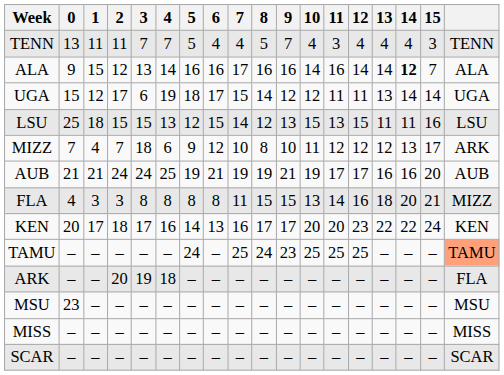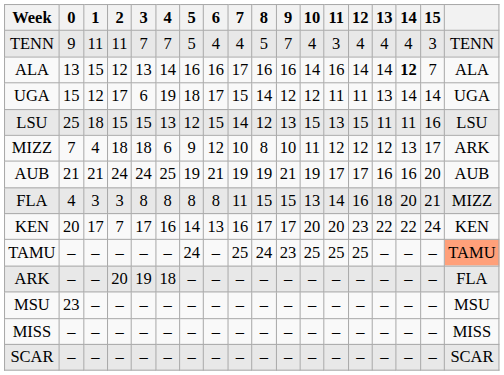 <table class="wikitable sortable" style="text-align:center">
 <tr>
 <th>Week</th>
 <th>0</th>
 <th>1</th>
 <th>2</th>
 <th>3</th>
 <th>4</th>
 <th>5</th>
 <th>6</th>
 <th>7</th>
 <th>8</th>
 <th>9</th>
 <th>10</th>
 <th>11</th>
 <th>12</th>
 <th>13</th>
 <th>14</th>
 <th>15</th>
 <th class=unsortable></th>
 </tr>
 <tr style="background-color:#E8E8E8">
 <td>TENN</td>
-<td>13</td>
+<td>9</td>
 <td>11</td>
 <td>11</td>
 <td>7</td>
 <td>7</td>
 <td>5</td>
 <td>4</td>
 <td>4</td>
 <td>5</td>
 <td>7</td>
 <td>4</td>
 <td>3</td>
 <td>4</td>
 <td>4</td>
 <td>4</td>
 <td>3</td>
 <td>TENN</td>
 </tr>
 <tr>
 <td>ALA</td>
-<td>9</td>
+<td>13</td>
 <td>15</td>
 <td>12</td>
 <td>13</td>
 <td>14</td>
 <td>16</td>
 <td>16</td>
 <td>17</td>
 <td>16</td>
 <td>16</td>
 <td>14</td>
 <td>16</td>
 <td>14</td>
 <td>14</td>
 <td><strong>12</strong></td>
 <td>7</td>
 <td>ALA</td>
 </tr>
 <tr>
 <td data-sort-value=G>UGA</td>
 <td>15</td>
 <td>12</td>
 <td>17</td>
 <td>6</td>
 <td>19</td>
 <td>18</td>
 <td>17</td>
 <td>15</td>
 <td>14</td>
 <td>12</td>
 <td>12</td>
 <td>11</td>
 <td>11</td>
 <td>13</td>
 <td>14</td>
 <td>14</td>
 <td>UGA</td>
 </tr>
 <tr style="background-color:#E8E8E8">
 <td>LSU</td>
 <td>25</td>
 <td>18</td>
 <td>15</td>
 <td>15</td>
 <td>13</td>
 <td>12</td>
 <td>15</td>
 <td>14</td>
 <td>12</td>
 <td>13</td>
 <td>15</td>
 <td>13</td>
 <td>15</td>
 <td>11</td>
 <td>11</td>
 <td>16</td>
 <td>LSU</td>
 </tr>
 <tr>
 <td data-sort-value=MO>MIZZ</td>
 <td>7</td>
 <td>4</td>
-<td>7</td>
+<td>18</td>
 <td>18</td>
 <td>6</td>
 <td>9</td>
 <td>12</td>
 <td>10</td>
 <td>8</td>
 <td>10</td>
 <td>11</td>
 <td>12</td>
 <td>12</td>
 <td>12</td>
 <td>13</td>
 <td>17</td>
 <td>ARK</td>
 </tr>
 <tr>
 <td>AUB</td>
 <td>21</td>
 <td>21</td>
 <td>24</td>
 <td>24</td>
 <td>25</td>
 <td>19</td>
 <td>21</td>
 <td>19</td>
 <td>19</td>
 <td>21</td>
 <td>19</td>
 <td>17</td>
 <td>17</td>
 <td>16</td>
 <td>16</td>
 <td>20</td>
 <td>AUB</td>
 </tr>
 <tr style="background-color:#E8E8E8">
 <td>FLA</td>
 <td>4</td>
 <td>3</td>
 <td>3</td>
 <td>8</td>
 <td>8</td>
 <td>8</td>
 <td>8</td>
 <td>11</td>
 <td>15</td>
 <td>15</td>
 <td>13</td>
 <td>14</td>
 <td>16</td>
 <td>18</td>
 <td>20</td>
 <td>21</td>
 <td>MIZZ</td>
 </tr>
 <tr>
 <td>KEN</td>
 <td>20</td>
 <td>17</td>
-<td>18</td>
+<td>7</td>
 <td>17</td>
 <td>16</td>
 <td>14</td>
 <td>13</td>
 <td>16</td>
 <td>17</td>
 <td>17</td>
 <td>20</td>
 <td>20</td>
 <td>23</td>
 <td>22</td>
 <td>22</td>
 <td>24</td>
 <td>KEN</td>
 </tr>
 <tr>
 <td data-sort-value=TEX>TAMU</td>
 <td data-sort-value=26>–</td>
 <td data-sort-value=26>–</td>
 <td data-sort-value=26>–</td>
 <td data-sort-value=26>–</td>
 <td data-sort-value=26>–</td>
 <td>24</td>
 <td data-sort-value=26>–</td>
 <td>25</td>
 <td>24</td>
 <td>23</td>
 <td>25</td>
 <td>25</td>
 <td>25</td>
 <td data-sort-value=26>–</td>
 <td data-sort-value=26>–</td>
 <td data-sort-value=26>–</td>
 <td style="background: lightsalmon;">TAMU</td>
 </tr>
 <tr style="background-color:#E8E8E8">
 <td>ARK</td>
 <td data-sort-value=27>–</td>
 <td data-sort-value=27>–</td>
 <td>20</td>
 <td>19</td>
 <td>18</td>
 <td data-sort-value=27>–</td>
 <td data-sort-value=27>–</td>
 <td data-sort-value=27>–</td>
 <td data-sort-value=27>–</td>
 <td data-sort-value=27>–</td>
 <td data-sort-value=27>–</td>
 <td data-sort-value=27>–</td>
 <td data-sort-value=27>–</td>
 <td data-sort-value=27>–</td>
 <td data-sort-value=27>–</td>
 <td data-sort-value=27>–</td>
 <td>FLA</td>
 </tr>
 <tr>
 <td>MSU</td>
 <td>23</td>
 <td data-sort-value=28>–</td>
 <td data-sort-value=28>–</td>
 <td data-sort-value=28>–</td>
 <td data-sort-value=28>–</td>
 <td data-sort-value=28>–</td>
 <td data-sort-value=28>–</td>
 <td data-sort-value=28>–</td>
 <td data-sort-value=28>–</td>
 <td data-sort-value=28>–</td>
 <td data-sort-value=28>–</td>
 <td data-sort-value=28>–</td>
 <td data-sort-value=28>–</td>
 <td data-sort-value=28>–</td>
 <td data-sort-value=28>–</td>
 <td data-sort-value=28>–</td>
 <td>MSU</td>
 </tr>
 <tr>
 <td data-sort-value=O>MISS</td>
 <td data-sort-value=29>–</td>
 <td data-sort-value=29>–</td>
 <td data-sort-value=29>–</td>
 <td data-sort-value=29>–</td>
 <td data-sort-value=29>–</td>
 <td data-sort-value=29>–</td>
 <td data-sort-value=29>–</td>
 <td data-sort-value=29>–</td>
 <td data-sort-value=29>–</td>
 <td data-sort-value=29>–</td>
 <td data-sort-value=29>–</td>
 <td data-sort-value=29>–</td>
 <td data-sort-value=29>–</td>
 <td data-sort-value=29>–</td>
 <td data-sort-value=29>–</td>
 <td data-sort-value=29>–</td>
 <td>MISS</td>
 </tr>
 <tr style="background-color:#E8E8E8">
 <td>SCAR</td>
 <td data-sort-value=29>–</td>
 <td data-sort-value=29>–</td>
 <td data-sort-value=29>–</td>
 <td data-sort-value=29>–</td>
 <td data-sort-value=29>–</td>
 <td data-sort-value=29>–</td>
 <td data-sort-value=29>–</td>
 <td data-sort-value=29>–</td>
 <td data-sort-value=29>–</td>
 <td data-sort-value=29>–</td>
 <td data-sort-value=29>–</td>
 <td data-sort-value=29>–</td>
 <td data-sort-value=29>–</td>
 <td data-sort-value=29>–</td>
 <td data-sort-value=29>–</td>
 <td data-sort-value=29>–</td>
 <td>SCAR</td>
 </tr>
 </table>
